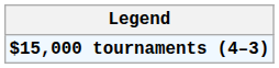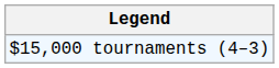 <table class="wikitable" style="font-size:90%;">
 <tr>
 <th>Legend</th>
 </tr>
 <tr style="background:#f0f8ff;">
-<td><strong>$15,000 tournaments (4–3)</strong></td>
+<td>$15,000 tournaments (4–3)</td>
 </tr>
 </table>
